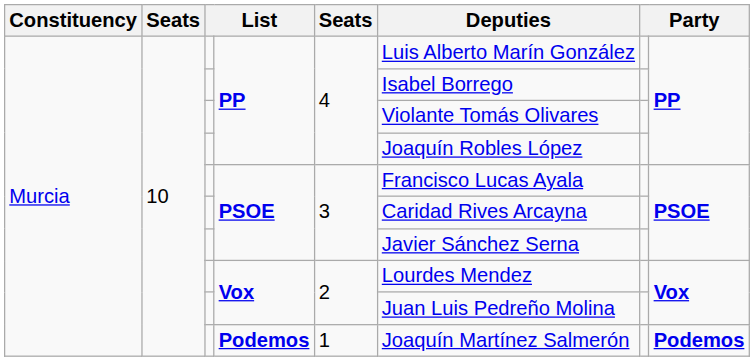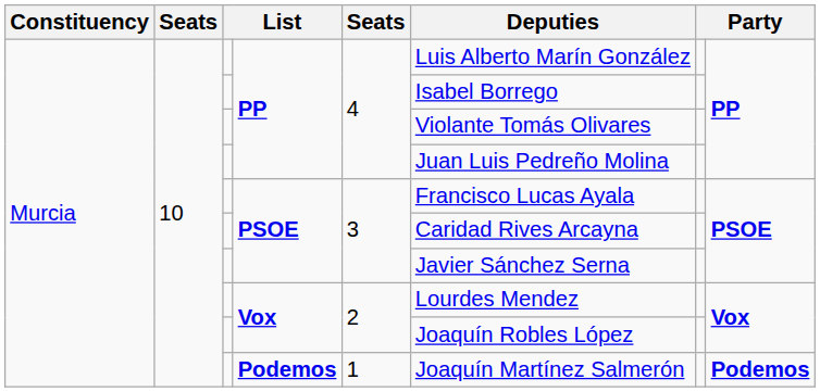 <table class="wikitable sortable">
 <tr>
 <th>Constituency</th>
 <th>Seats</th>
 <th colspan="2">List</th>
 <th>Seats</th>
 <th>Deputies</th>
 <th colspan="2">Party</th>
 </tr>
 <tr>
 <td rowspan="10"><a href='#'>Murcia</a></td>
 <td rowspan="10">10</td>
 <td></td>
 <td rowspan="4"><strong><a href='#'>PP</a></strong></td>
 <td rowspan="4">4</td>
 <td><a href='#'>Luis Alberto Marín González</a></td>
 <td></td>
 <td rowspan="4"><strong><a href='#'>PP</a></strong></td>
 </tr>
 <tr>
 <td></td>
 <td><a href='#'>Isabel Borrego</a></td>
 <td></td>
 </tr>
 <tr>
 <td></td>
 <td><a href='#'>Violante Tomás Olivares</a></td>
 <td></td>
 </tr>
 <tr>
 <td></td>
-<td><a href='#'>Joaquín Robles López</a></td>
+<td><a href='#'>Juan Luis Pedreño Molina</a></td>
 <td></td>
 </tr>
 <tr>
 <td></td>
 <td rowspan="3"><strong><a href='#'>PSOE</a></strong></td>
 <td rowspan="3">3</td>
 <td><a href='#'>Francisco Lucas Ayala</a></td>
 <td></td>
 <td rowspan="3"><strong><a href='#'>PSOE</a></strong></td>
 </tr>
 <tr>
 <td></td>
 <td><a href='#'>Caridad Rives Arcayna</a></td>
 <td></td>
 </tr>
 <tr>
 <td></td>
 <td><a href='#'>Javier Sánchez Serna</a></td>
 <td></td>
 </tr>
 <tr>
 <td></td>
 <td rowspan="2"><strong><a href='#'>Vox</a></strong></td>
 <td rowspan="2">2</td>
 <td><a href='#'>Lourdes Mendez</a></td>
 <td></td>
 <td rowspan="2"><strong><a href='#'>Vox</a></strong></td>
 </tr>
 <tr>
 <td></td>
-<td><a href='#'>Juan Luis Pedreño Molina</a></td>
+<td><a href='#'>Joaquín Robles López</a></td>
 <td></td>
 </tr>
 <tr>
 <td></td>
 <td><strong><a href='#'>Podemos</a></strong></td>
 <td>1</td>
 <td><a href='#'>Joaquín Martínez Salmerón</a></td>
 <td></td>
 <td><strong><a href='#'>Podemos</a></strong></td>
 </tr>
 </table>
